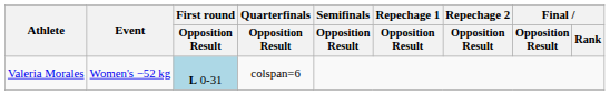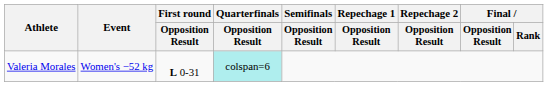 <table class="wikitable" style="font-size:90%;">
 <tr>
 <th rowspan=2>Athlete</th>
 <th rowspan=2>Event</th>
 <th>First round</th>
 <th>Quarterfinals</th>
 <th>Semifinals</th>
 <th>Repechage 1</th>
 <th>Repechage 2</th>
 <th colspan=2>Final / </th>
 </tr>
 <tr style="font-size:95%">
 <th>Opposition<br>Result</th>
 <th>Opposition<br>Result</th>
 <th>Opposition<br>Result</th>
 <th>Opposition<br>Result</th>
 <th>Opposition<br>Result</th>
 <th>Opposition<br>Result</th>
 <th>Rank</th>
 </tr>
 <tr align=center>
 <td align=left><a href='#'>Valeria Morales</a></td>
 <td align=left><a href='#'>Women's −52 kg</a></td>
-<td style="background: lightblue;"><br><strong>L</strong> 0-31</td>
-<td>colspan=6 </td>
+<td><br><strong>L</strong> 0-31</td>
+<td style="background: paleturquoise;">colspan=6 </td>
 </tr>
 </table>
